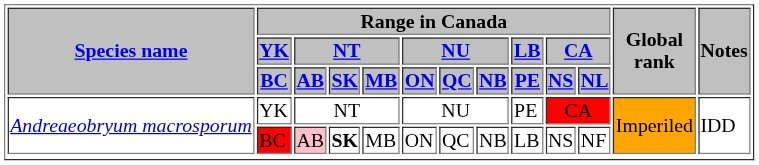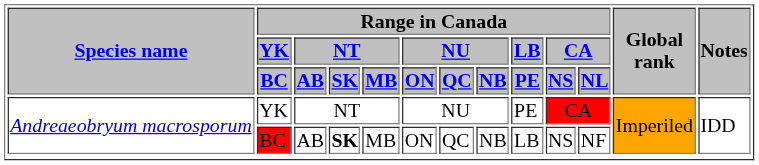 <table border="1" |>
 <tr>
 <th rowspan="3" bgcolor=silver><a href='#'>Species name</a></th>
 <th colspan="10" bgcolor=silver>Range in Canada</th>
 <th rowspan="3" bgcolor=silver>Global <br> rank</th>
 <th rowspan="3" bgcolor=silver>Notes</th>
 </tr>
 <tr>
 <th bgcolor=silver><a href='#'>YK</a></th>
 <th colspan="3" bgcolor=silver><a href='#'>NT</a></th>
 <th colspan="3" bgcolor=silver><a href='#'>NU</a></th>
 <th bgcolor=silver><a href='#'>LB</a></th>
 <th colspan="2" bgcolor=silver><a href='#'>CA</a></th>
 </tr>
 <tr>
 <th bgcolor=silver><a href='#'>BC</a></th>
 <th bgcolor=silver><a href='#'>AB</a></th>
 <th bgcolor=silver><a href='#'>SK</a></th>
 <th bgcolor=silver><a href='#'>MB</a></th>
 <th bgcolor=silver><a href='#'>ON</a></th>
 <th bgcolor=silver><a href='#'>QC</a></th>
 <th bgcolor=silver><a href='#'>NB</a></th>
 <th bgcolor=silver><a href='#'>PE</a></th>
 <th bgcolor=silver><a href='#'>NS</a></th>
 <th bgcolor=silver><a href='#'>NL</a></th>
 </tr>
 <tr>
 <td rowspan="2"><em><a href='#'>Andreaeobryum macrosporum</a></em></td>
 <td>YK</td>
 <td colspan="3" align="center">NT</td>
 <td colspan="3" align="center">NU</td>
 <td>PE</td>
 <td colspan="2" align="center" bgcolor=red>CA</td>
 <td rowspan="2" align="center" bgcolor=orange>Imperiled</td>
 <td rowspan="2">IDD</td>
 </tr>
 <tr>
 <td bgcolor=red>BC</td>
-<td style="background: pink;">AB</td>
+<td>AB</td>
 <td><strong>SK</strong></td>
 <td>MB</td>
 <td>ON</td>
 <td>QC</td>
 <td>NB</td>
 <td>LB</td>
 <td>NS</td>
 <td>NF</td>
 </tr>
 <tr>
 </tr>
 </table>
